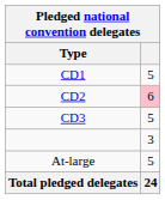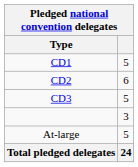 <table class="wikitable sortable" style="font-size:90%;text-align:center;float:none;padding:5px;">
 <tr>
 <th colspan="2">Pledged <a href='#'>national<br>convention</a> delegates</th>
 </tr>
 <tr>
 <th>Type</th>
 <th></th>
 </tr>
 <tr>
 <td><a href='#'>CD1</a></td>
 <td>5</td>
 </tr>
 <tr>
 <td><a href='#'>CD2</a></td>
-<td style="background: pink;">6</td>
+<td>6</td>
 </tr>
 <tr>
 <td><a href='#'>CD3</a></td>
 <td>5</td>
 </tr>
 <tr>
 <td></td>
 <td>3</td>
 </tr>
 <tr>
 <td>At-large</td>
 <td>5</td>
 </tr>
 <tr>
 <th>Total pledged delegates</th>
 <th>24</th>
 </tr>
 </table>
